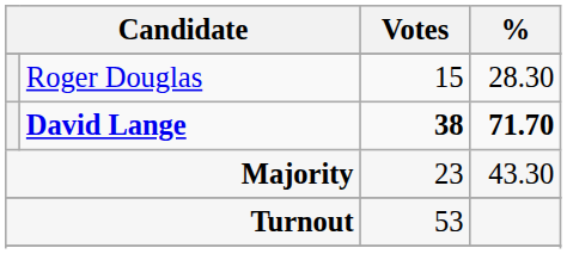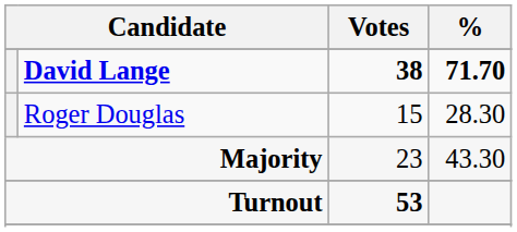 <table class="wikitable" style="font-size: 95%;">
 <tr style="background-color:#E9E9E9">
 <th colspan="2" style="width: 170px">Candidate</th>
 <th style="width: 50px">Votes</th>
 <th style="width: 40px">%</th>
 </tr>
 <tr>
 </tr>
 <tr>
 <th style="background-color: "></th>
+<td style="width: 170px"><strong><a href='#'>David Lange</a></strong></td>
+<td align="right"><strong>38</strong></td>
+<td align="right"><strong>71.70</strong></td>
+</tr>
+<tr>
+<th style="background-color: "></th>
 <td style="width: 170px"><a href='#'>Roger Douglas</a></td>
 <td align="right">15</td>
 <td align="right">28.30</td>
-</tr>
-<tr>
-<th style="background-color: "></th>
-<td style="width: 170px"><strong><a href='#'>David Lange</a></strong></td>
-<td align="right"><strong>38</strong></td>
-<td align="right"><strong>71.70</strong></td>
 </tr>
 <tr style="background-color:#F6F6F6">
 <td colspan="2" align="right"><strong>Majority</strong></td>
 <td align="right">23</td>
 <td align="right">43.30</td>
 </tr>
 <tr>
 </tr>
 <tr style="background-color:#F6F6F6">
 <td colspan="2" align="right"><strong>Turnout</strong></td>
-<td align="right">53</td>
+<td align="right"><strong>53</strong></td>
 <td></td>
 </tr>
 <tr>
 </tr>
 <tr style="background-color:#F6F6F6">
 </tr>
 </table>
